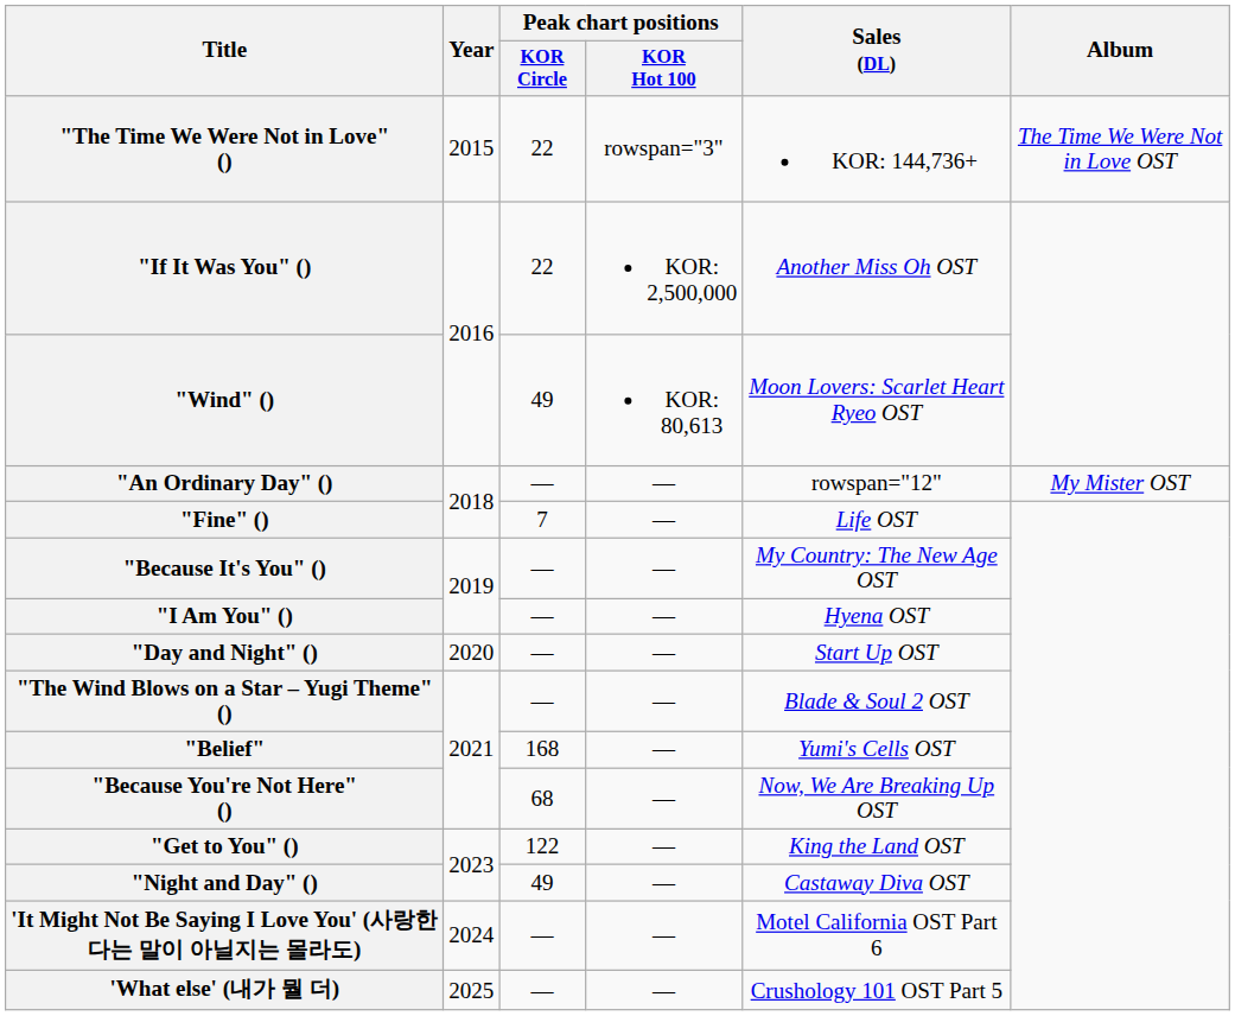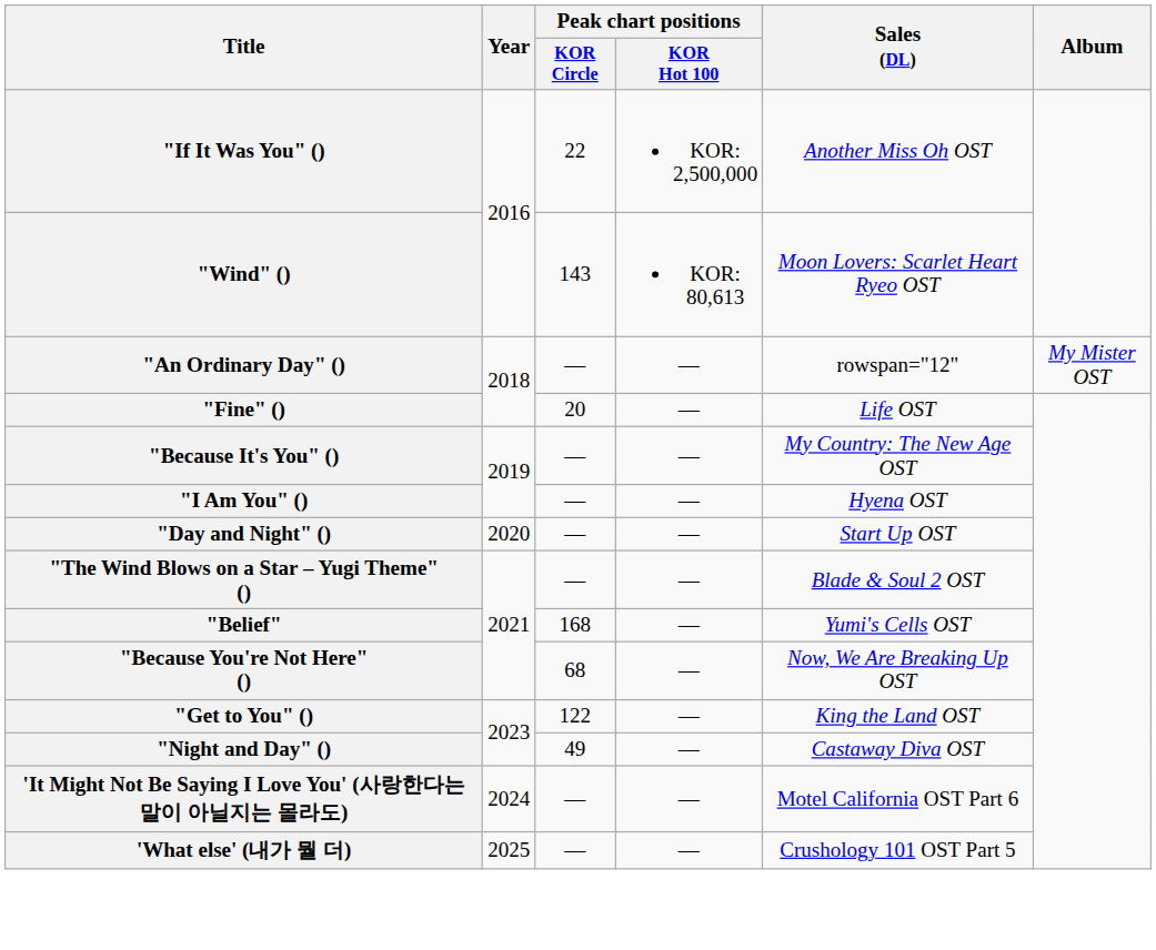 <table class="wikitable plainrowheaders" style="text-align:center;">
 <tr>
 <th scope="col" rowspan="2">Title</th>
 <th scope="col" rowspan="2">Year</th>
 <th scope="col" colspan="2" style="width:8em;">Peak chart positions</th>
 <th scope="col" rowspan="2">Sales<br><small>(<a href='#'>DL</a>)</small></th>
 <th scope="col" rowspan="2">Album</th>
 </tr>
 <tr>
 <th scope="col" style="width:4em;font-size:85%;"><a href='#'>KOR<br>Circle</a><br></th>
 <th scope="col" style="width:4em;font-size:85%;"><a href='#'>KOR<br>Hot 100</a><br></th>
 </tr>
 <tr>
-<th scope="row">"The Time We Were Not in Love"<br>()</th>
-<td>2015</td>
-<td>22</td>
-<td>rowspan="3" </td>
-<td><br><ul><li>KOR: 144,736+</li></ul></td>
-<td><em><a href='#'>The Time We Were Not in Love</a></em> <em>OST</em></td>
-</tr>
-<tr>
 <th scope="row">"If It Was You" ()</th>
 <td rowspan="2">2016</td>
 <td>22</td>
 <td><br><ul><li>KOR: 2,500,000</li></ul></td>
 <td><em><a href='#'>Another Miss Oh</a></em> <em>OST</em></td>
 </tr>
 <tr>
 <th scope="row">"Wind" ()</th>
-<td>49</td>
+<td>143</td>
 <td><br><ul><li>KOR: 80,613</li></ul></td>
 <td><em><a href='#'>Moon Lovers: Scarlet Heart Ryeo</a> OST</em></td>
 </tr>
 <tr>
 <th scope="row">"An Ordinary Day" ()</th>
 <td rowspan="2">2018</td>
 <td>—</td>
 <td>—</td>
 <td>rowspan="12" </td>
 <td><em><a href='#'>My Mister</a></em> <em>OST</em></td>
 </tr>
 <tr>
 <th scope="row">"Fine" ()</th>
-<td>7</td>
+<td>20</td>
 <td>—</td>
 <td><em><a href='#'>Life</a> OST</em></td>
 </tr>
 <tr>
 <th scope="row">"Because It's You" ()</th>
 <td rowspan="2">2019</td>
 <td>—</td>
 <td>—</td>
 <td><em><a href='#'>My Country: The New Age</a> OST</em></td>
 </tr>
 <tr>
 <th scope="row">"I Am You" ()</th>
 <td>—</td>
 <td>—</td>
 <td><em><a href='#'>Hyena</a> OST</em></td>
 </tr>
 <tr>
 <th scope="row">"Day and Night" ()</th>
 <td>2020</td>
 <td>—</td>
 <td>—</td>
 <td><em><a href='#'>Start Up</a> OST</em></td>
 </tr>
 <tr>
 <th scope="row">"The Wind Blows on a Star – Yugi Theme" <br>()</th>
 <td rowspan="3">2021</td>
 <td>—</td>
 <td>—</td>
 <td><em><a href='#'>Blade & Soul 2</a> OST</em></td>
 </tr>
 <tr>
 <th scope="row">"Belief"</th>
 <td>168</td>
 <td>—</td>
 <td><em><a href='#'>Yumi's Cells</a> OST</em></td>
 </tr>
 <tr>
 <th scope="row">"Because You're Not Here"<br>()</th>
 <td>68</td>
 <td>—</td>
 <td><em><a href='#'>Now, We Are Breaking Up</a> OST</em></td>
 </tr>
 <tr>
 <th scope="row">"Get to You" ()</th>
 <td rowspan="2">2023</td>
 <td>122</td>
 <td>—</td>
 <td><em><a href='#'>King the Land</a> OST</em></td>
 </tr>
 <tr>
 <th scope="row">"Night and Day" ()</th>
 <td>49</td>
 <td>—</td>
 <td><em><a href='#'>Castaway Diva</a> OST</em></td>
 </tr>
 <tr>
 <th scope="row">'It Might Not Be Saying I Love You' (사랑한다는 말이 아닐지는 몰라도)</th>
 <td>2024</td>
 <td>—</td>
 <td>—</td>
 <td><a href='#'>Motel California</a> OST Part 6</td>
 </tr>
 <tr>
 <th scope="row">'What else' (내가 뭘 더)</th>
 <td>2025</td>
 <td>—</td>
 <td>—</td>
 <td><a href='#'>Crushology 101</a> OST Part 5</td>
 </tr>
 </table>
